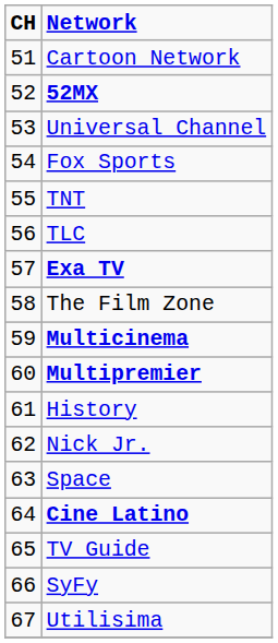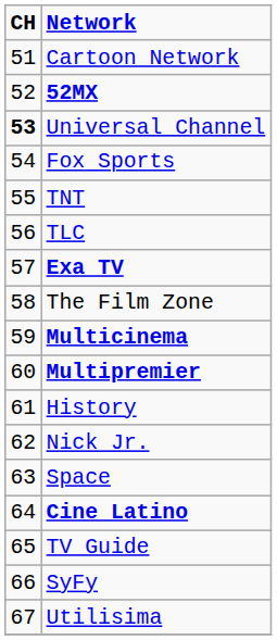 <table class="sortable wikitable">
 <tr>
 <td><strong>CH</strong></td>
 <td><strong><a href='#'>Network</a></strong></td>
 </tr>
 <tr style="vertical-align: top; text-align: left;">
 <td>51</td>
 <td><a href='#'>Cartoon Network</a></td>
 </tr>
 <tr style="vertical-align: top; text-align: left;">
 <td>52</td>
 <td><strong><a href='#'>52MX</a></strong></td>
 </tr>
 <tr style="vertical-align: top; text-align: left;">
-<td>53</td>
+<td><strong>53</strong></td>
 <td><a href='#'>Universal Channel</a></td>
 </tr>
 <tr style="vertical-align: top; text-align: left;">
 <td>54</td>
 <td><a href='#'>Fox Sports</a></td>
 </tr>
 <tr style="vertical-align: top; text-align: left;">
 <td>55</td>
 <td><a href='#'>TNT</a></td>
 </tr>
 <tr style="vertical-align: top; text-align: left;">
 <td>56</td>
 <td><a href='#'>TLC</a></td>
 </tr>
 <tr style="vertical-align: top; text-align: left;">
 <td>57</td>
 <td><strong><a href='#'>Exa TV</a></strong></td>
 </tr>
 <tr style="vertical-align: top; text-align: left;">
 <td>58</td>
 <td>The Film Zone</td>
 </tr>
 <tr style="vertical-align: top; text-align: left;">
 <td>59</td>
 <td><strong><a href='#'>Multicinema</a></strong></td>
 </tr>
 <tr style="vertical-align: top; text-align: left;">
 <td>60</td>
 <td><strong><a href='#'>Multipremier</a></strong></td>
 </tr>
 <tr style="vertical-align: top; text-align: left;">
 <td>61</td>
 <td><a href='#'>History</a></td>
 </tr>
 <tr style="vertical-align: top; text-align: left;">
 <td>62</td>
 <td><a href='#'>Nick Jr.</a></td>
 </tr>
 <tr style="vertical-align: top; text-align: left;">
 <td>63</td>
 <td><a href='#'>Space</a></td>
 </tr>
 <tr style="vertical-align: top; text-align: left;">
 <td>64</td>
 <td><strong><a href='#'>Cine Latino</a></strong></td>
 </tr>
 <tr style="vertical-align: top; text-align: left;">
 <td>65</td>
 <td><a href='#'>TV Guide</a></td>
 </tr>
 <tr style="vertical-align: top; text-align: left;">
 <td>66</td>
 <td><a href='#'>SyFy</a></td>
 </tr>
 <tr style="vertical-align: top; text-align: left;">
 <td>67</td>
 <td><a href='#'>Utilisima</a></td>
 </tr>
 <tr>
 </tr>
 </table>
